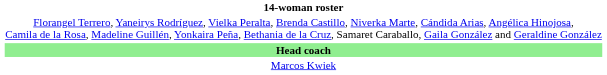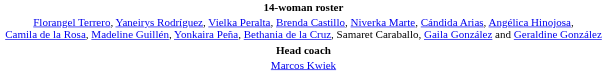 <table style="text-align: center; margin-top: 2em; margin-left: auto; margin-right: auto;">
 <tr>
 <th>14-woman roster</th>
 </tr>
 <tr>
 <td><a href='#'>Florangel Terrero</a>, <a href='#'>Yaneirys Rodríguez</a>, <a href='#'>Vielka Peralta</a>, <a href='#'>Brenda Castillo</a>, <a href='#'>Niverka Marte</a>, <a href='#'>Cándida Arias</a>, <a href='#'>Angélica Hinojosa</a>,<br><a href='#'>Camila de la Rosa</a>, <a href='#'>Madeline Guillén</a>, <a href='#'>Yonkaira Peña</a>, <a href='#'>Bethania de la Cruz</a>, Samaret Caraballo, <a href='#'>Gaila González</a> and <a href='#'>Geraldine González</a></td>
 </tr>
 <tr>
-<td style="background: lightgreen;"><strong>Head coach</strong></td>
+<td><strong>Head coach</strong></td>
 </tr>
 <tr>
 <td><a href='#'>Marcos Kwiek</a></td>
 </tr>
 </table>
